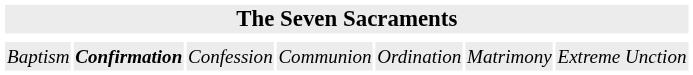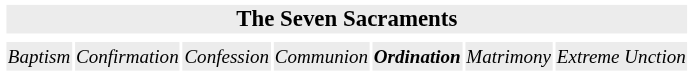 <table align=center>
 <tr>
 <th colspan="7" style="background:#ECECEC; "><strong>The Seven Sacraments</strong></th>
 </tr>
 <tr>
 <td></td>
 <td></td>
 <td></td>
 <td></td>
 <td></td>
 <td></td>
 <td></td>
 </tr>
 <tr style="background:#ECECEC; text-align:center;">
 <td><small><em>Baptism</em><br></small></td>
-<td><strong><small><em>Confirmation</em><br></small></strong></td>
+<td><small><em>Confirmation</em><br></small></td>
 <td><small><em>Confession</em><br></small></td>
 <td><small><em>Communion</em><br></small></td>
-<td><small><em>Ordination</em><br></small></td>
+<td><strong><small><em>Ordination</em><br></small></strong></td>
 <td><small><em>Matrimony</em><br></small></td>
 <td><small><em>Extreme Unction</em><br></small></td>
 </tr>
 </table>
